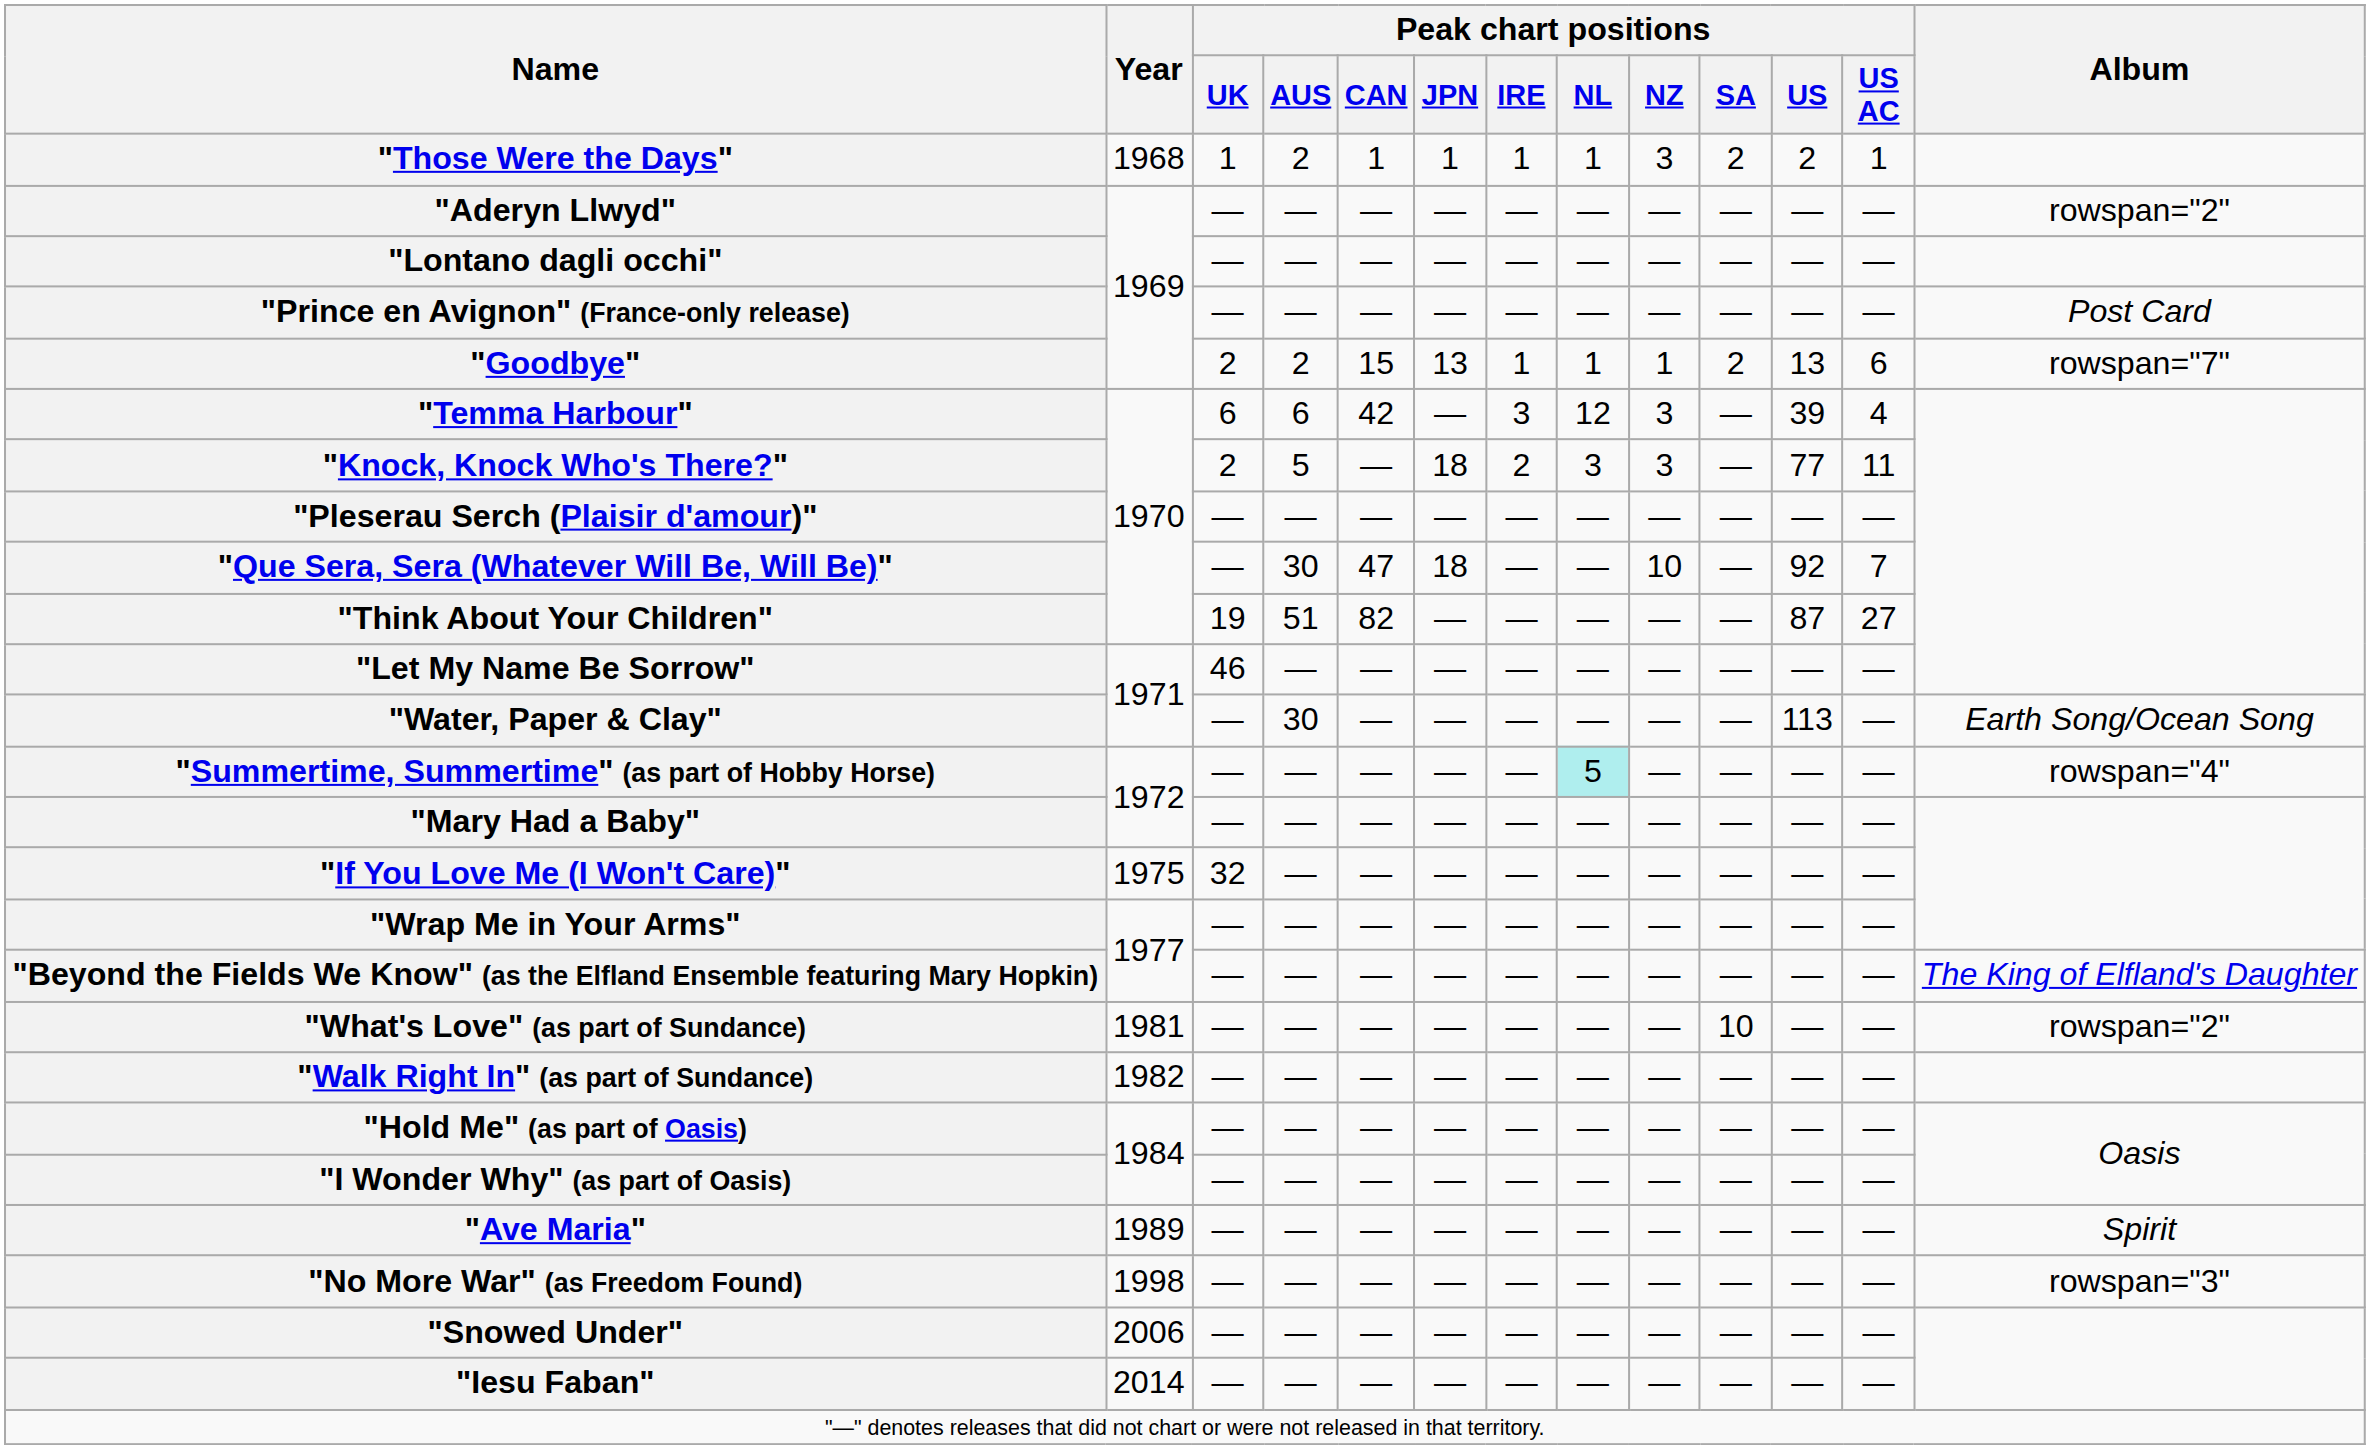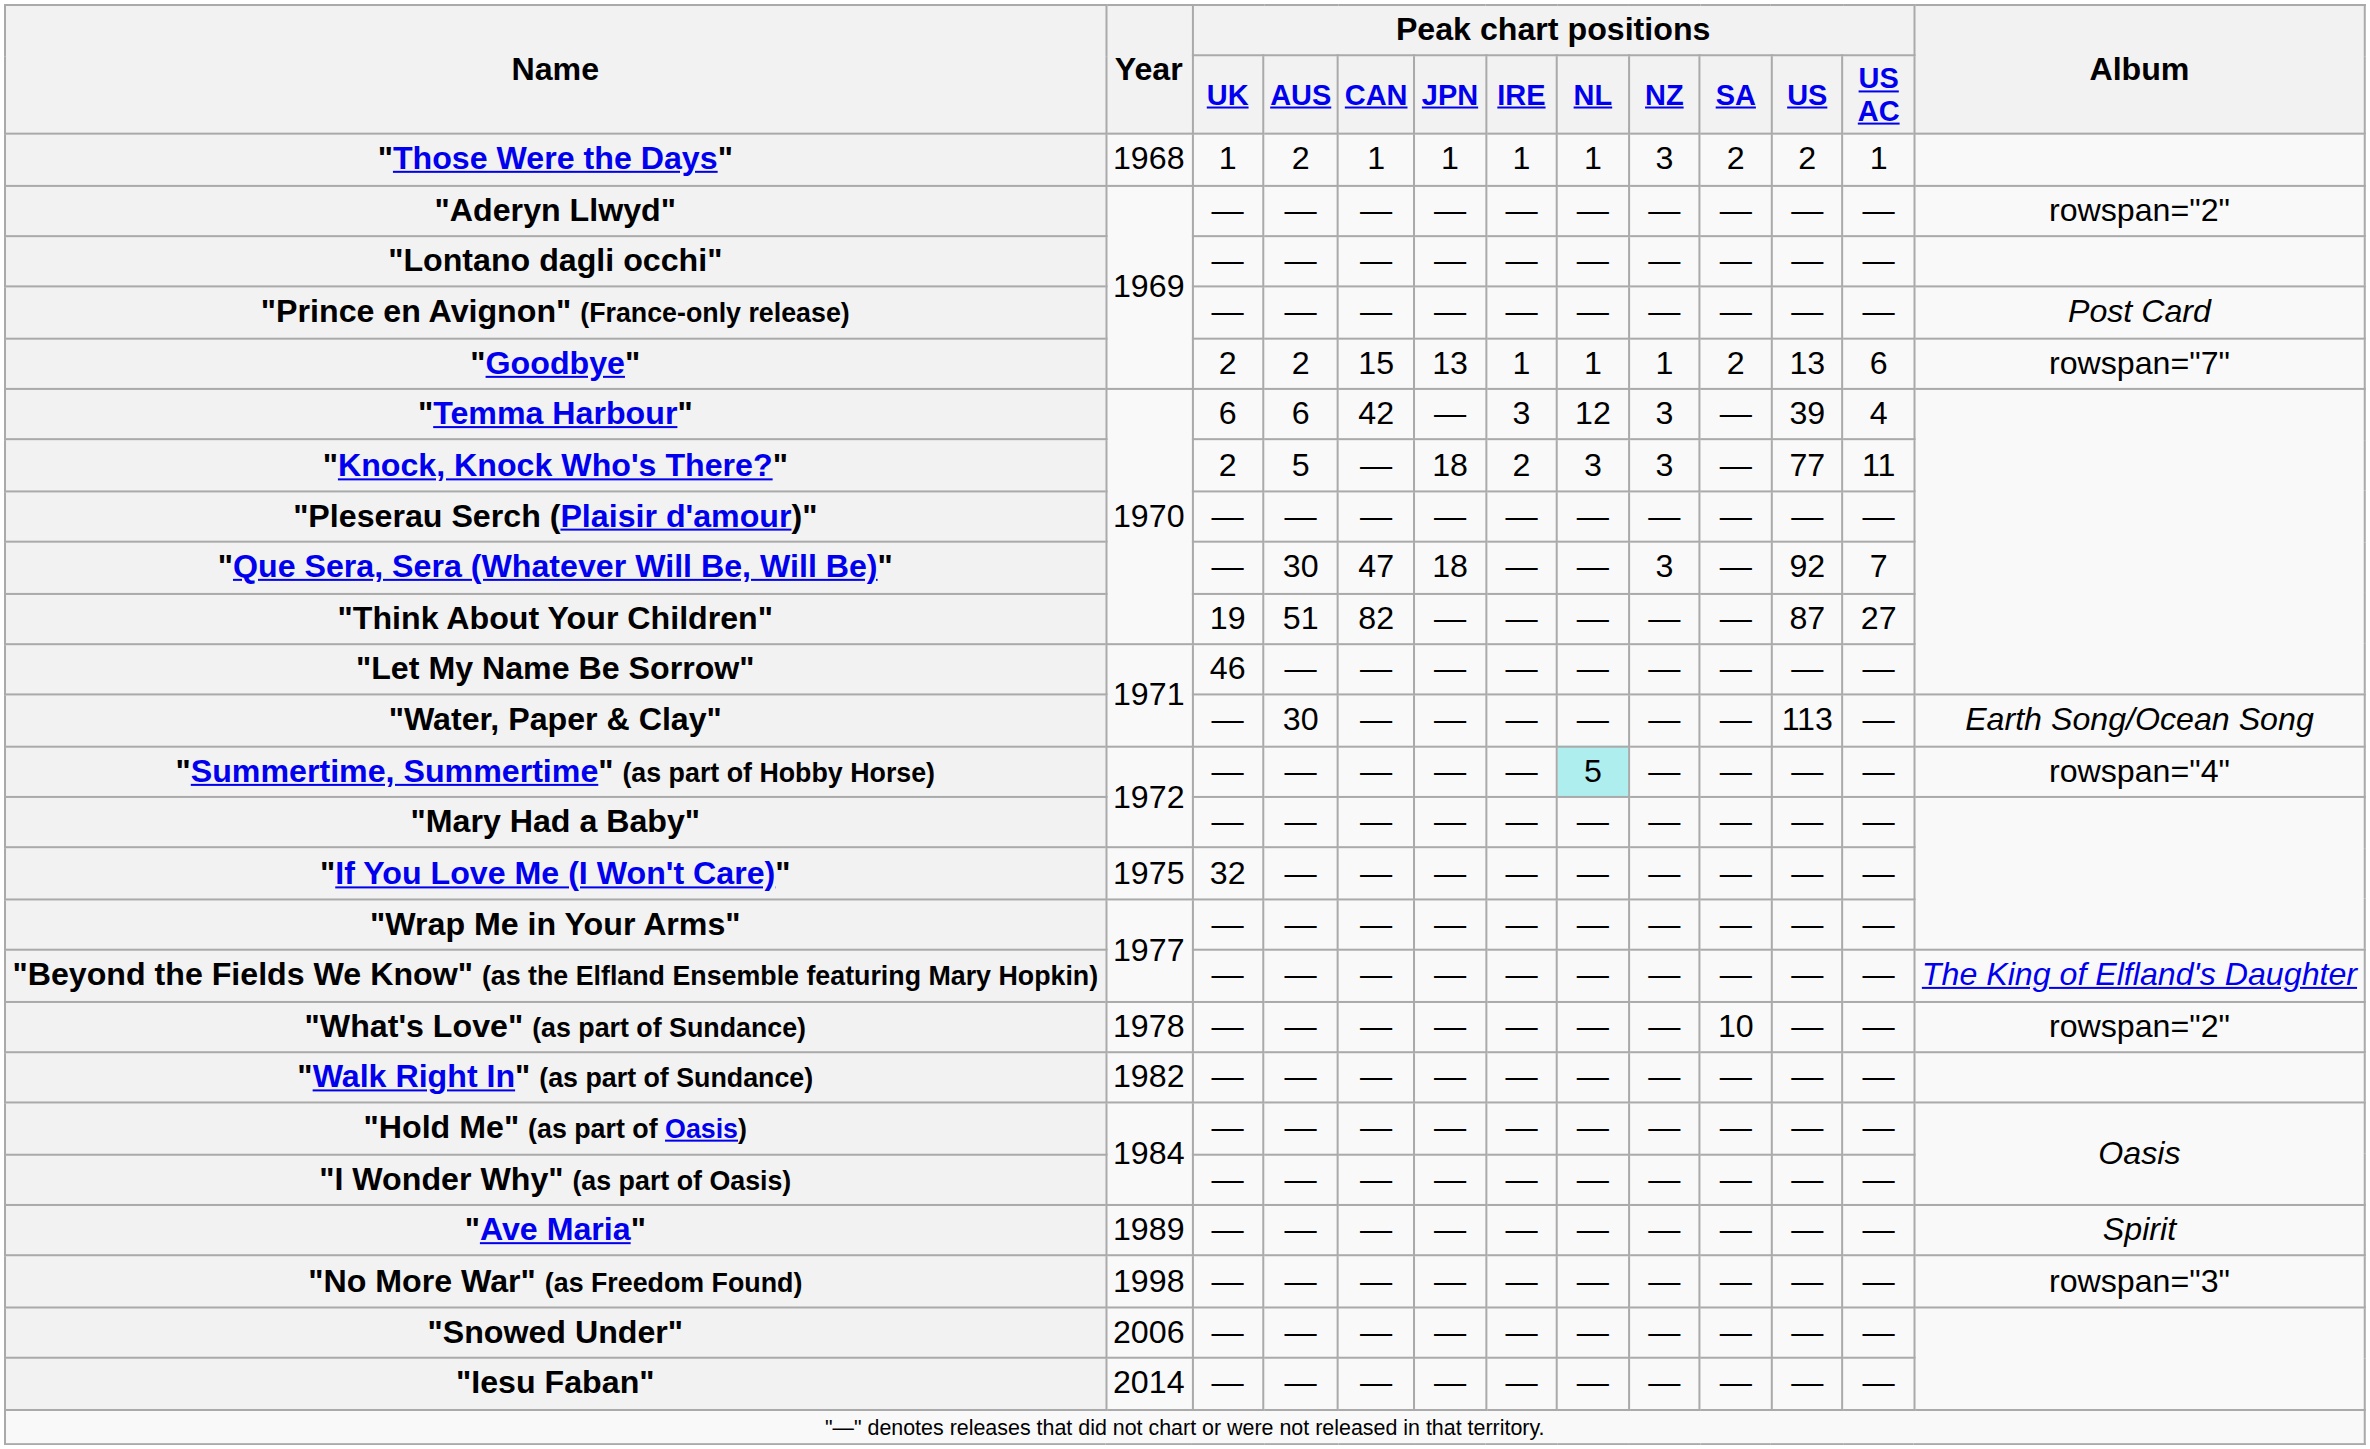 <table class="wikitable plainrowheaders" style="text-align:center;" border="1">
 <tr>
 <th rowspan="2">Name</th>
 <th rowspan="2" style="width:2em;">Year</th>
 <th colspan="10">Peak chart positions</th>
 <th rowspan="2">Album</th>
 </tr>
 <tr>
 <th scope="col" style="width:2em;font-size:90%;"><a href='#'>UK</a><br></th>
 <th scope="col" style="width:2em;font-size:90%;"><a href='#'>AUS</a><br></th>
 <th scope="col" style="width:2em;font-size:90%;"><a href='#'>CAN</a><br></th>
 <th scope="col" style="width:2em;font-size:90%;"><a href='#'>JPN</a><br></th>
 <th scope="col" style="width:2em;font-size:90%;"><a href='#'>IRE</a><br></th>
 <th scope="col" style="width:2em;font-size:90%;"><a href='#'>NL</a><br></th>
 <th scope="col" style="width:2em;font-size:90%;"><a href='#'>NZ</a><br></th>
 <th scope="col" style="width:2em;font-size:90%;"><a href='#'>SA</a><br></th>
 <th scope="col" style="width:2em;font-size:90%;"><a href='#'>US</a><br></th>
 <th scope="col" style="width:2em;font-size:90%;"><a href='#'>US AC</a><br></th>
 </tr>
 <tr>
 <th scope="row">"<a href='#'>Those Were the Days</a>"</th>
 <td>1968</td>
 <td>1</td>
 <td>2</td>
 <td>1</td>
 <td>1</td>
 <td>1</td>
 <td>1</td>
 <td>3</td>
 <td>2</td>
 <td>2</td>
 <td>1</td>
 <td></td>
 </tr>
 <tr>
 <th scope="row">"Aderyn Llwyd"</th>
 <td rowspan="4">1969</td>
 <td>—</td>
 <td>—</td>
 <td>—</td>
 <td>—</td>
 <td>—</td>
 <td>—</td>
 <td>—</td>
 <td>—</td>
 <td>—</td>
 <td>—</td>
 <td>rowspan="2" </td>
 </tr>
 <tr>
 <th scope="row">"Lontano dagli occhi"</th>
 <td>—</td>
 <td>—</td>
 <td>—</td>
 <td>—</td>
 <td>—</td>
 <td>—</td>
 <td>—</td>
 <td>—</td>
 <td>—</td>
 <td>—</td>
 </tr>
 <tr>
 <th scope="row">"Prince en Avignon" <small>(France-only release)</small></th>
 <td>—</td>
 <td>—</td>
 <td>—</td>
 <td>—</td>
 <td>—</td>
 <td>—</td>
 <td>—</td>
 <td>—</td>
 <td>—</td>
 <td>—</td>
 <td><em>Post Card</em></td>
 </tr>
 <tr>
 <th scope="row">"<a href='#'>Goodbye</a>"</th>
 <td>2</td>
 <td>2</td>
 <td>15</td>
 <td>13</td>
 <td>1</td>
 <td>1</td>
 <td>1</td>
 <td>2</td>
 <td>13</td>
 <td>6</td>
 <td>rowspan="7" </td>
 </tr>
 <tr>
 <th scope="row">"<a href='#'>Temma Harbour</a>"</th>
 <td rowspan="5">1970</td>
 <td align="center" valign="center">6</td>
 <td>6</td>
 <td>42</td>
 <td>—</td>
 <td>3</td>
 <td>12</td>
 <td>3</td>
 <td>—</td>
 <td>39</td>
 <td>4</td>
 </tr>
 <tr>
 <th scope="row">"<a href='#'>Knock, Knock Who's There?</a>"</th>
 <td>2</td>
 <td>5</td>
 <td>—</td>
 <td>18</td>
 <td>2</td>
 <td>3</td>
 <td>3</td>
 <td>—</td>
 <td>77</td>
 <td>11</td>
 </tr>
 <tr>
 <th scope="row">"Pleserau Serch (<a href='#'>Plaisir d'amour</a>)"</th>
 <td>—</td>
 <td>—</td>
 <td>—</td>
 <td>—</td>
 <td>—</td>
 <td>—</td>
 <td>—</td>
 <td>—</td>
 <td>—</td>
 <td>—</td>
 </tr>
 <tr>
 <th scope="row">"<a href='#'>Que Sera, Sera (Whatever Will Be, Will Be)</a>"</th>
 <td>—</td>
 <td>30</td>
 <td>47</td>
 <td>18</td>
 <td>—</td>
 <td>—</td>
-<td>10</td>
+<td>3</td>
 <td>—</td>
 <td>92</td>
 <td>7</td>
 </tr>
 <tr>
 <th scope="row">"Think About Your Children"</th>
 <td>19</td>
 <td>51</td>
 <td>82</td>
 <td>—</td>
 <td>—</td>
 <td>—</td>
 <td>—</td>
 <td>—</td>
 <td>87</td>
 <td>27</td>
 </tr>
 <tr>
 <th scope="row">"Let My Name Be Sorrow"</th>
 <td rowspan="2">1971</td>
 <td>46</td>
 <td>—</td>
 <td>—</td>
 <td>—</td>
 <td>—</td>
 <td>—</td>
 <td>—</td>
 <td>—</td>
 <td>—</td>
 <td>—</td>
 </tr>
 <tr>
 <th scope="row">"Water, Paper & Clay"</th>
 <td>—</td>
 <td>30</td>
 <td>—</td>
 <td>—</td>
 <td>—</td>
 <td>—</td>
 <td>—</td>
 <td>—</td>
 <td>113</td>
 <td>—</td>
 <td><em>Earth Song/Ocean Song</em></td>
 </tr>
 <tr>
 <th scope="row">"<a href='#'>Summertime, Summertime</a>" <small>(as part of Hobby Horse)</small></th>
 <td rowspan="2">1972</td>
 <td>—</td>
 <td>—</td>
 <td>—</td>
 <td>—</td>
 <td>—</td>
 <td style="background: paleturquoise;">5</td>
 <td>—</td>
 <td>—</td>
 <td>—</td>
 <td>—</td>
 <td>rowspan="4" </td>
 </tr>
 <tr>
 <th scope="row">"Mary Had a Baby"</th>
 <td>—</td>
 <td>—</td>
 <td>—</td>
 <td>—</td>
 <td>—</td>
 <td>—</td>
 <td>—</td>
 <td>—</td>
 <td>—</td>
 <td>—</td>
 </tr>
 <tr>
 <th scope="row">"<a href='#'>If You Love Me (I Won't Care)</a>"</th>
 <td>1975</td>
 <td>32</td>
 <td>—</td>
 <td>—</td>
 <td>—</td>
 <td>—</td>
 <td>—</td>
 <td>—</td>
 <td>—</td>
 <td>—</td>
 <td>—</td>
 </tr>
 <tr>
 <th scope="row">"Wrap Me in Your Arms"</th>
 <td rowspan="2">1977</td>
 <td>—</td>
 <td>—</td>
 <td>—</td>
 <td>—</td>
 <td>—</td>
 <td>—</td>
 <td>—</td>
 <td>—</td>
 <td>—</td>
 <td>—</td>
 </tr>
 <tr>
 <th scope="row">"Beyond the Fields We Know" <small>(as the Elfland Ensemble featuring Mary Hopkin)</small></th>
 <td>—</td>
 <td>—</td>
 <td>—</td>
 <td>—</td>
 <td>—</td>
 <td>—</td>
 <td>—</td>
 <td>—</td>
 <td>—</td>
 <td>—</td>
 <td><em><a href='#'>The King of Elfland's Daughter</a></em></td>
 </tr>
 <tr>
 <th scope="row">"What's Love" <small>(as part of Sundance)</small></th>
-<td>1981</td>
+<td>1978</td>
 <td>—</td>
 <td>—</td>
 <td>—</td>
 <td>—</td>
 <td>—</td>
 <td>—</td>
 <td>—</td>
 <td>10</td>
 <td>—</td>
 <td>—</td>
 <td>rowspan="2" </td>
 </tr>
 <tr>
 <th scope="row">"<a href='#'>Walk Right In</a>" <small>(as part of Sundance)</small></th>
 <td>1982</td>
 <td>—</td>
 <td>—</td>
 <td>—</td>
 <td>—</td>
 <td>—</td>
 <td>—</td>
 <td>—</td>
 <td>—</td>
 <td>—</td>
 <td>—</td>
 </tr>
 <tr>
 <th scope="row">"Hold Me" <small>(as part of <a href='#'>Oasis</a>)</small></th>
 <td rowspan="2">1984</td>
 <td>—</td>
 <td>—</td>
 <td>—</td>
 <td>—</td>
 <td>—</td>
 <td>—</td>
 <td>—</td>
 <td>—</td>
 <td>—</td>
 <td>—</td>
 <td rowspan="2"><em>Oasis</em></td>
 </tr>
 <tr>
 <th scope="row">"I Wonder Why" <small>(as part of Oasis)</small></th>
 <td>—</td>
 <td>—</td>
 <td>—</td>
 <td>—</td>
 <td>—</td>
 <td>—</td>
 <td>—</td>
 <td>—</td>
 <td>—</td>
 <td>—</td>
 </tr>
 <tr>
 <th scope="row">"<a href='#'>Ave Maria</a>"</th>
 <td>1989</td>
 <td>—</td>
 <td>—</td>
 <td>—</td>
 <td>—</td>
 <td>—</td>
 <td>—</td>
 <td>—</td>
 <td>—</td>
 <td>—</td>
 <td>—</td>
 <td><em>Spirit</em></td>
 </tr>
 <tr>
 <th scope="row">"No More War" <small>(as Freedom Found)</small></th>
 <td>1998</td>
 <td>—</td>
 <td>—</td>
 <td>—</td>
 <td>—</td>
 <td>—</td>
 <td>—</td>
 <td>—</td>
 <td>—</td>
 <td>—</td>
 <td>—</td>
 <td>rowspan="3" </td>
 </tr>
 <tr>
 <th scope="row">"Snowed Under"</th>
 <td>2006</td>
 <td>—</td>
 <td>—</td>
 <td>—</td>
 <td>—</td>
 <td>—</td>
 <td>—</td>
 <td>—</td>
 <td>—</td>
 <td>—</td>
 <td>—</td>
 </tr>
 <tr>
 <th scope="row">"Iesu Faban"</th>
 <td>2014</td>
 <td>—</td>
 <td>—</td>
 <td>—</td>
 <td>—</td>
 <td>—</td>
 <td>—</td>
 <td>—</td>
 <td>—</td>
 <td>—</td>
 <td>—</td>
 </tr>
 <tr>
 <td colspan="13" style="font-size:8pt">"—" denotes releases that did not chart or were not released in that territory.</td>
 </tr>
 </table>
